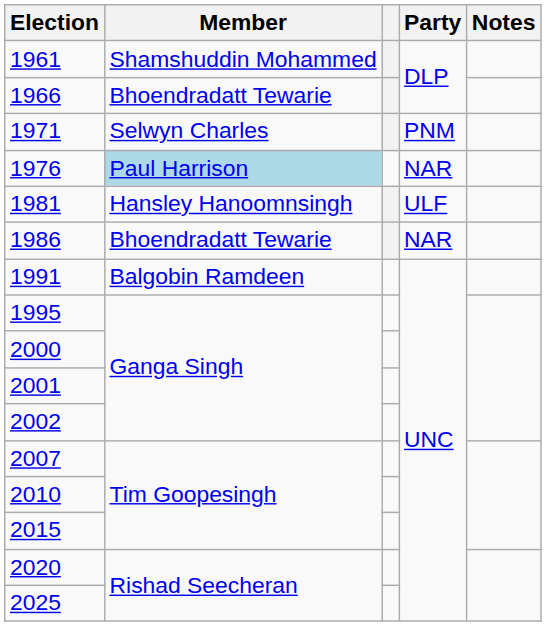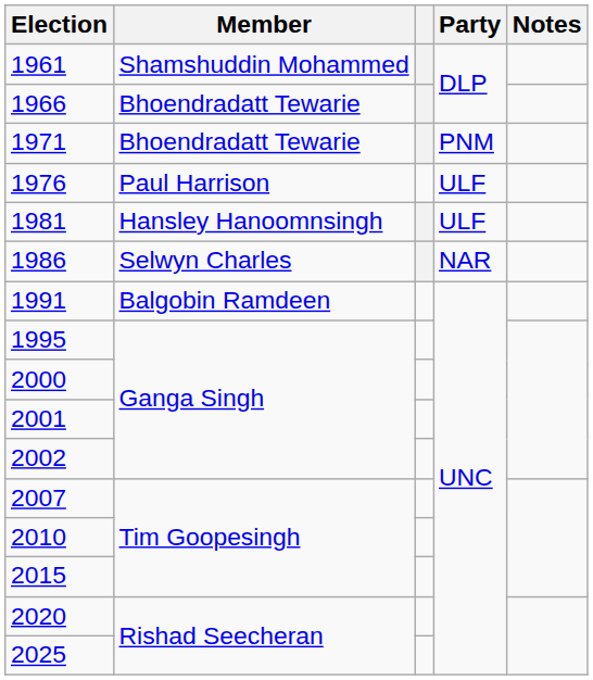 <table class="wikitable sortable">
 <tr>
 <th>Election</th>
 <th>Member</th>
 <th></th>
 <th>Party</th>
 <th>Notes</th>
 </tr>
 <tr>
 <td><a href='#'>1961</a></td>
 <td><a href='#'>Shamshuddin Mohammed</a></td>
 <th style="background-color: "></th>
 <td rowspan="2"><a href='#'>DLP</a></td>
 <td></td>
 </tr>
 <tr>
 <td><a href='#'>1966</a></td>
 <td><a href='#'>Bhoendradatt Tewarie</a></td>
 <th style="background-color: "></th>
 <td></td>
 </tr>
 <tr>
 <td><a href='#'>1971</a></td>
-<td><a href='#'>Selwyn Charles</a></td>
+<td><a href='#'>Bhoendradatt Tewarie</a></td>
 <th style="background-color: "></th>
 <td><a href='#'>PNM</a></td>
 <td></td>
 </tr>
 <tr>
 <td><a href='#'>1976</a></td>
-<td style="background: lightblue;"><a href='#'>Paul Harrison</a></td>
+<td><a href='#'>Paul Harrison</a></td>
 <td style="background:"> </td>
-<td><a href='#'>NAR</a></td>
+<td><a href='#'>ULF</a></td>
 <td></td>
 </tr>
 <tr>
 <td><a href='#'>1981</a></td>
 <td><a href='#'>Hansley Hanoomnsingh</a></td>
 <th style="background-color: "></th>
 <td><a href='#'>ULF</a></td>
 <td></td>
 </tr>
 <tr>
 <td><a href='#'>1986</a></td>
-<td><a href='#'>Bhoendradatt Tewarie</a></td>
+<td><a href='#'>Selwyn Charles</a></td>
 <th style="background-color: "></th>
 <td><a href='#'>NAR</a></td>
 <td></td>
 </tr>
 <tr>
 <td><a href='#'>1991</a></td>
 <td><a href='#'>Balgobin Ramdeen</a></td>
 <td style="background:"> </td>
 <td rowspan="10"><a href='#'>UNC</a></td>
 <td></td>
 </tr>
 <tr>
 <td><a href='#'>1995</a></td>
 <td rowspan="4"><a href='#'>Ganga Singh</a></td>
 <td style="background:"> </td>
 <td rowspan="4"></td>
 </tr>
 <tr>
 <td><a href='#'>2000</a></td>
 <td style="background:"> </td>
 </tr>
 <tr>
 <td><a href='#'>2001</a></td>
 <td style="background:"> </td>
 </tr>
 <tr>
 <td><a href='#'>2002</a></td>
 <td style="background:"> </td>
 </tr>
 <tr>
 <td><a href='#'>2007</a></td>
 <td rowspan="3"><a href='#'>Tim Goopesingh</a></td>
 <td style="background:"> </td>
 <td rowspan="3"></td>
 </tr>
 <tr>
 <td><a href='#'>2010</a></td>
 <td style="background:"> </td>
 </tr>
 <tr>
 <td><a href='#'>2015</a></td>
 <td style="background:"> </td>
 </tr>
 <tr>
 <td><a href='#'>2020</a></td>
 <td rowspan="2"><a href='#'>Rishad Seecheran</a></td>
 <td style="background:"> </td>
 <td rowspan="2"></td>
 </tr>
 <tr>
 <td><a href='#'>2025</a></td>
 <td style="background:"> </td>
 </tr>
 </table>
